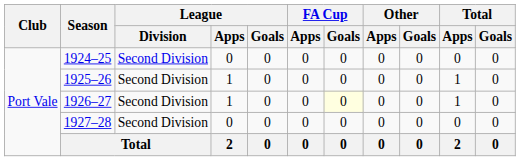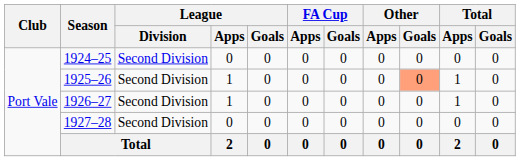 <table class="wikitable" style="text-align:center">
 <tr>
 <th rowspan="2">Club</th>
 <th rowspan="2">Season</th>
 <th colspan="3">League</th>
 <th colspan="2"><a href='#'>FA Cup</a></th>
 <th colspan="2">Other</th>
 <th colspan="2">Total</th>
 </tr>
 <tr>
 <th>Division</th>
 <th>Apps</th>
 <th>Goals</th>
 <th>Apps</th>
 <th>Goals</th>
 <th>Apps</th>
 <th>Goals</th>
 <th>Apps</th>
 <th>Goals</th>
 </tr>
 <tr>
 <td rowspan="5"><a href='#'>Port Vale</a></td>
 <td><a href='#'>1924–25</a></td>
 <td><a href='#'>Second Division</a></td>
 <td>0</td>
 <td>0</td>
 <td>0</td>
 <td>0</td>
 <td>0</td>
 <td>0</td>
 <td>0</td>
 <td>0</td>
 </tr>
 <tr>
 <td><a href='#'>1925–26</a></td>
 <td>Second Division</td>
 <td>1</td>
 <td>0</td>
 <td>0</td>
 <td>0</td>
 <td>0</td>
-<td>0</td>
+<td style="background: lightsalmon;">0</td>
 <td>1</td>
 <td>0</td>
 </tr>
 <tr>
 <td><a href='#'>1926–27</a></td>
 <td>Second Division</td>
 <td>1</td>
 <td>0</td>
 <td>0</td>
-<td style="background: lightyellow;">0</td>
+<td>0</td>
 <td>0</td>
 <td>0</td>
 <td>1</td>
 <td>0</td>
 </tr>
 <tr>
 <td><a href='#'>1927–28</a></td>
 <td>Second Division</td>
 <td>0</td>
 <td>0</td>
 <td>0</td>
 <td>0</td>
 <td>0</td>
 <td>0</td>
 <td>0</td>
 <td>0</td>
 </tr>
 <tr>
 <th colspan="2">Total</th>
 <th>2</th>
 <th>0</th>
 <th>0</th>
 <th>0</th>
 <th>0</th>
 <th>0</th>
 <th>2</th>
 <th>0</th>
 </tr>
 </table>
